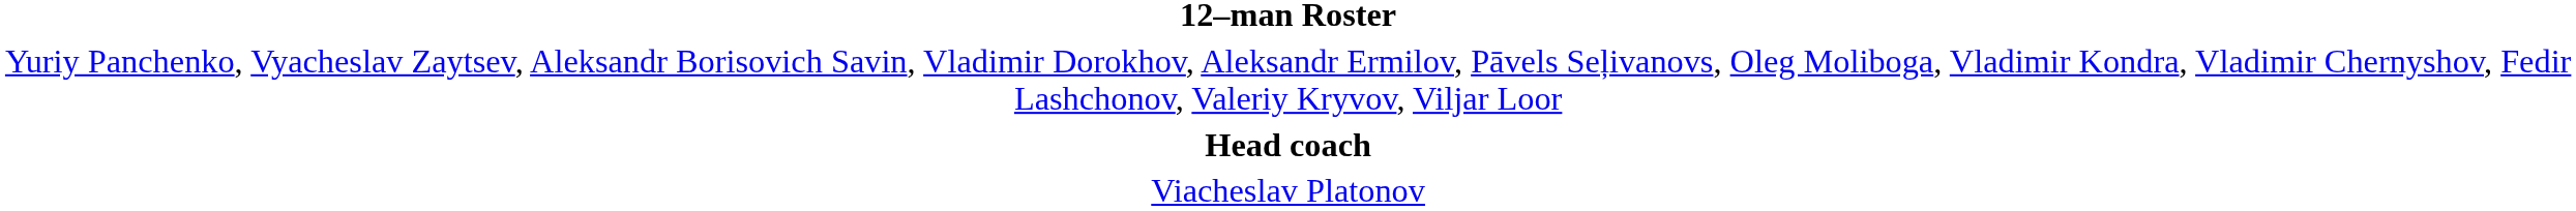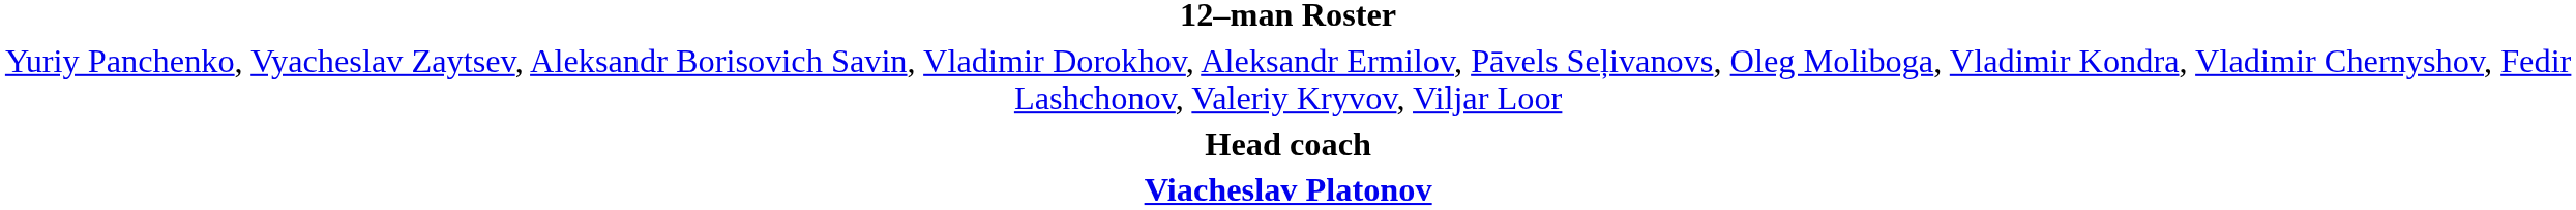 <table style="text-align:center; margin-top:2em; margin-left:auto; margin-right:auto">
 <tr>
 <td><strong>12–man Roster</strong></td>
 </tr>
 <tr>
 <td><a href='#'>Yuriy Panchenko</a>, <a href='#'>Vyacheslav Zaytsev</a>, <a href='#'>Aleksandr Borisovich Savin</a>, <a href='#'>Vladimir Dorokhov</a>, <a href='#'>Aleksandr Ermilov</a>, <a href='#'>Pāvels Seļivanovs</a>, <a href='#'>Oleg Moliboga</a>, <a href='#'>Vladimir Kondra</a>, <a href='#'>Vladimir Chernyshov</a>, <a href='#'>Fedir Lashchonov</a>, <a href='#'>Valeriy Kryvov</a>, <a href='#'>Viljar Loor</a></td>
 </tr>
 <tr>
 <td><strong>Head coach</strong></td>
 </tr>
 <tr>
-<td><a href='#'>Viacheslav Platonov</a></td>
+<td><strong><a href='#'>Viacheslav Platonov</a></strong></td>
 </tr>
 </table>
